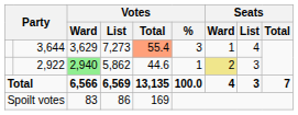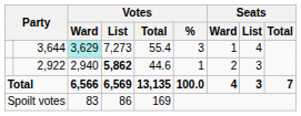 <table class=wikitable style="text-align:right">
 <tr>
 <th rowspan="2" colspan="2">Party</th>
 <th colspan="4" align="center">Votes</th>
 <th colspan="3" align="center">Seats</th>
 </tr>
 <tr>
 <th>Ward</th>
 <th>List</th>
 <th>Total</th>
 <th>%</th>
 <th>Ward</th>
 <th>List</th>
 <th>Total</th>
 </tr>
 <tr>
 <td></td>
 <td>3,644</td>
-<td>3,629</td>
+<td style="background: paleturquoise;">3,629</td>
 <td>7,273</td>
-<td style="background: lightsalmon;">55.4</td>
+<td>55.4</td>
 <td>3</td>
 <td>1</td>
 <td>4</td>
 </tr>
 <tr>
 <td></td>
 <td>2,922</td>
-<td style="background: lightgreen;">2,940</td>
-<td>5,862</td>
+<td>2,940</td>
+<td><strong>5,862</strong></td>
 <td>44.6</td>
 <td>1</td>
-<td style="background: khaki;">2</td>
+<td>2</td>
 <td>3</td>
 </tr>
 <tr>
 <td colspan="2" style="text-align:left"><strong>Total</strong></td>
 <td><strong>6,566</strong></td>
 <td><strong>6,569</strong></td>
 <td><strong>13,135</strong></td>
 <td><strong>100.0</strong></td>
 <td><strong>4</strong></td>
 <td><strong>3</strong></td>
 <td><strong>7</strong></td>
 </tr>
 <tr>
 <td colspan="2" style="text-align:left">Spoilt votes</td>
 <td>83</td>
 <td>86</td>
 <td>169</td>
 </tr>
 </table>
